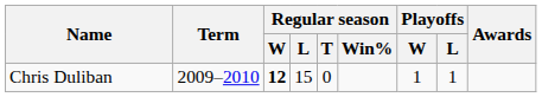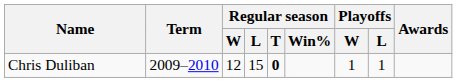 <table class="wikitable" style="text-align:center">
 <tr>
 <th rowspan="2" style="width:140px;">Name</th>
 <th rowspan="2">Term</th>
 <th colspan="4">Regular season</th>
 <th colspan="2">Playoffs</th>
 <th rowspan="2">Awards</th>
 </tr>
 <tr>
 <th>W</th>
 <th>L</th>
 <th>T</th>
 <th>Win%</th>
 <th>W</th>
 <th>L</th>
 </tr>
 <tr>
 <td style="text-align:left;">Chris Duliban</td>
 <td>2009–<a href='#'>2010</a></td>
-<td><strong>12</strong></td>
+<td>12</td>
 <td>15</td>
-<td>0</td>
+<td><strong>0</strong></td>
 <td></td>
 <td>1</td>
 <td>1</td>
 <td></td>
 </tr>
 </table>
